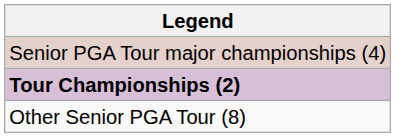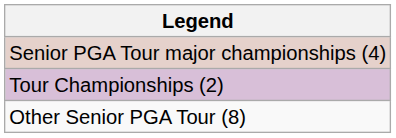 <table class="wikitable" style="font-size:95%;">
 <tr>
 <th>Legend</th>
 </tr>
 <tr style="background:#e5d1cb;">
 <td>Senior PGA Tour major championships (4)</td>
 </tr>
 <tr style="background:thistle;">
-<td><strong>Tour Championships (2)</strong></td>
+<td>Tour Championships (2)</td>
 </tr>
 <tr>
 <td>Other Senior PGA Tour (8)</td>
 </tr>
 </table>
